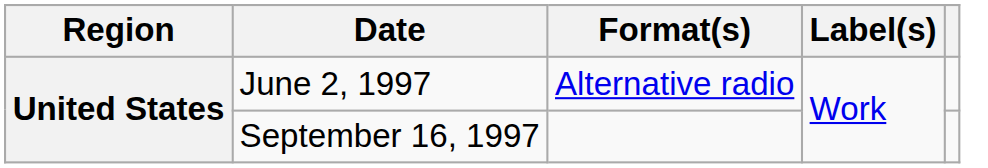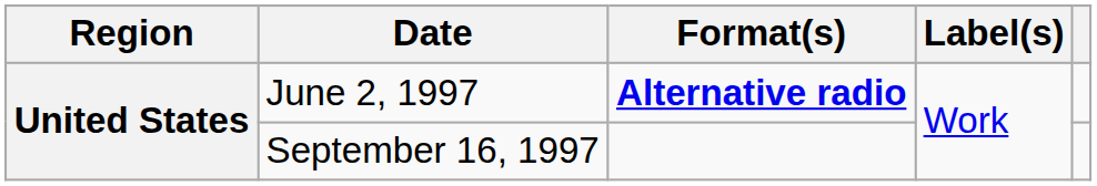 <table class="wikitable plainrowheaders">
 <tr>
 <th scope="col">Region</th>
 <th scope="col">Date</th>
 <th scope="col">Format(s)</th>
 <th scope="col">Label(s)</th>
 <th scope="col"></th>
 </tr>
 <tr>
 <th scope="row" rowspan="2">United States</th>
 <td>June 2, 1997</td>
-<td><a href='#'>Alternative radio</a></td>
+<td><strong><a href='#'>Alternative radio</a></strong></td>
 <td rowspan="2"><a href='#'>Work</a></td>
 <td></td>
 </tr>
 <tr>
 <td>September 16, 1997</td>
 <td></td>
 <td></td>
 </tr>
 </table>
